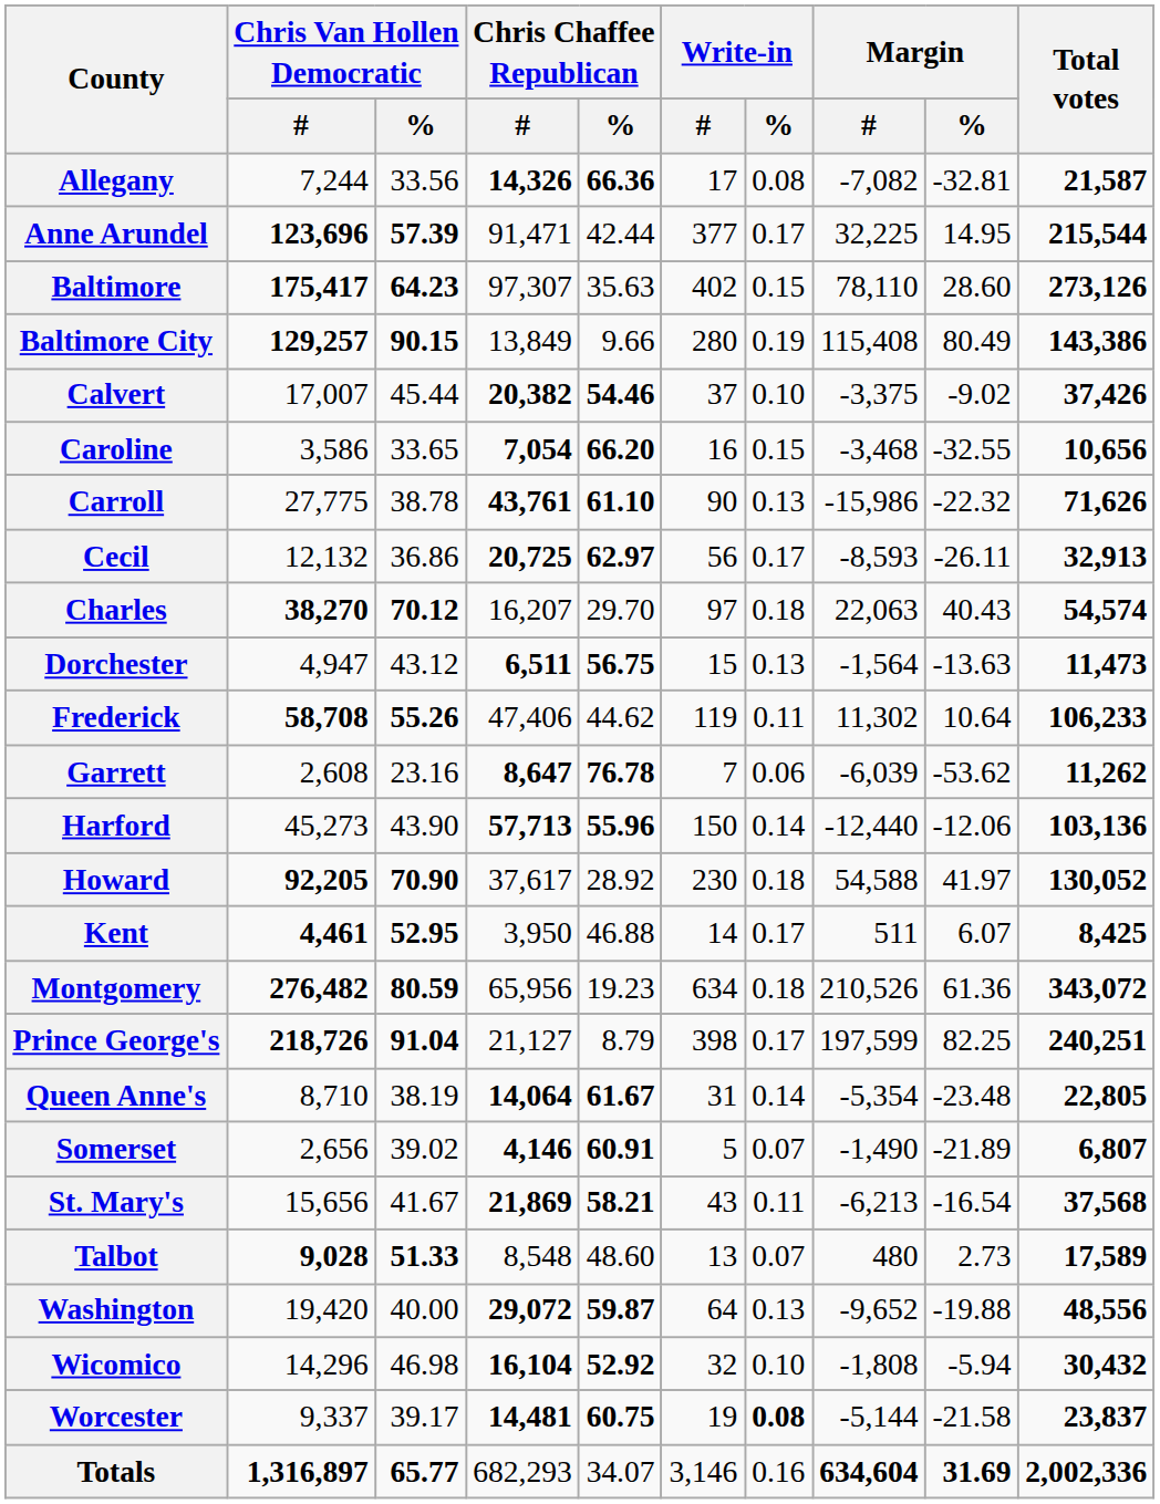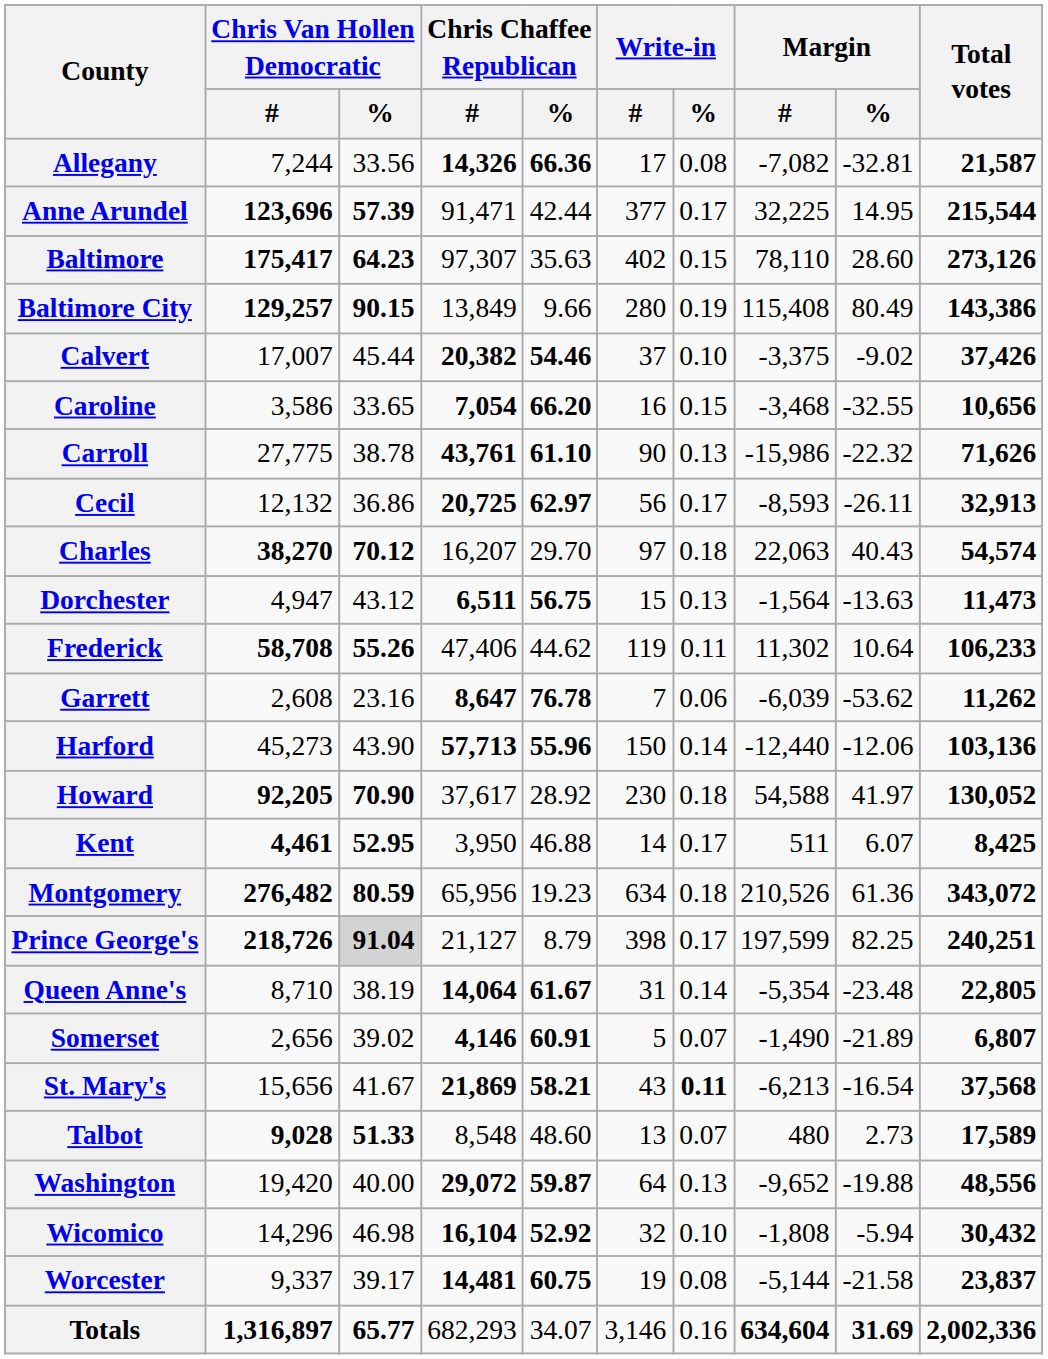 <table class="wikitable sortable" style="text-align:right;font-size:90%;line-height:1.3">
 <tr>
 <th rowspan=2>County</th>
 <th colspan=2><a href='#'>Chris Van Hollen</a><br><a href='#'>Democratic</a></th>
 <th colspan=2>Chris Chaffee<br><a href='#'>Republican</a></th>
 <th colspan=2><a href='#'>Write-in</a></th>
 <th colspan=2>Margin</th>
 <th rowspan=2>Total<br>votes</th>
 </tr>
 <tr>
 <th data-sort-type="number">#</th>
 <th data-sort-type="number">%</th>
 <th data-sort-type="number">#</th>
 <th data-sort-type="number">%</th>
 <th data-sort-type="number">#</th>
 <th data-sort-type="number">%</th>
 <th data-sort-type="number">#</th>
 <th data-sort-type="number">%</th>
 </tr>
 <tr>
 <th><a href='#'>Allegany</a></th>
 <td>7,244</td>
 <td>33.56</td>
 <td><strong>14,326</strong></td>
 <td><strong>66.36</strong></td>
 <td>17</td>
 <td>0.08</td>
 <td>-7,082</td>
 <td>-32.81</td>
 <td><strong>21,587</strong></td>
 </tr>
 <tr>
 <th><a href='#'>Anne Arundel</a></th>
 <td><strong>123,696</strong></td>
 <td><strong>57.39</strong></td>
 <td>91,471</td>
 <td>42.44</td>
 <td>377</td>
 <td>0.17</td>
 <td>32,225</td>
 <td>14.95</td>
 <td><strong>215,544</strong></td>
 </tr>
 <tr>
 <th><a href='#'>Baltimore</a></th>
 <td><strong>175,417</strong></td>
 <td><strong>64.23</strong></td>
 <td>97,307</td>
 <td>35.63</td>
 <td>402</td>
 <td>0.15</td>
 <td>78,110</td>
 <td>28.60</td>
 <td><strong>273,126</strong></td>
 </tr>
 <tr>
 <th><a href='#'>Baltimore City</a></th>
 <td><strong>129,257</strong></td>
 <td><strong>90.15</strong></td>
 <td>13,849</td>
 <td>9.66</td>
 <td>280</td>
 <td>0.19</td>
 <td>115,408</td>
 <td>80.49</td>
 <td><strong>143,386</strong></td>
 </tr>
 <tr>
 <th><a href='#'>Calvert</a></th>
 <td>17,007</td>
 <td>45.44</td>
 <td><strong>20,382</strong></td>
 <td><strong>54.46</strong></td>
 <td>37</td>
 <td>0.10</td>
 <td>-3,375</td>
 <td>-9.02</td>
 <td><strong>37,426</strong></td>
 </tr>
 <tr>
 <th><a href='#'>Caroline</a></th>
 <td>3,586</td>
 <td>33.65</td>
 <td><strong>7,054</strong></td>
 <td><strong>66.20</strong></td>
 <td>16</td>
 <td>0.15</td>
 <td>-3,468</td>
 <td>-32.55</td>
 <td><strong>10,656</strong></td>
 </tr>
 <tr>
 <th><a href='#'>Carroll</a></th>
 <td>27,775</td>
 <td>38.78</td>
 <td><strong>43,761</strong></td>
 <td><strong>61.10</strong></td>
 <td>90</td>
 <td>0.13</td>
 <td>-15,986</td>
 <td>-22.32</td>
 <td><strong>71,626</strong></td>
 </tr>
 <tr>
 <th><a href='#'>Cecil</a></th>
 <td>12,132</td>
 <td>36.86</td>
 <td><strong>20,725</strong></td>
 <td><strong>62.97</strong></td>
 <td>56</td>
 <td>0.17</td>
 <td>-8,593</td>
 <td>-26.11</td>
 <td><strong>32,913</strong></td>
 </tr>
 <tr>
 <th><a href='#'>Charles</a></th>
 <td><strong>38,270</strong></td>
 <td><strong>70.12</strong></td>
 <td>16,207</td>
 <td>29.70</td>
 <td>97</td>
 <td>0.18</td>
 <td>22,063</td>
 <td>40.43</td>
 <td><strong>54,574</strong></td>
 </tr>
 <tr>
 <th><a href='#'>Dorchester</a></th>
 <td>4,947</td>
 <td>43.12</td>
 <td><strong>6,511</strong></td>
 <td><strong>56.75</strong></td>
 <td>15</td>
 <td>0.13</td>
 <td>-1,564</td>
 <td>-13.63</td>
 <td><strong>11,473</strong></td>
 </tr>
 <tr>
 <th><a href='#'>Frederick</a></th>
 <td><strong>58,708</strong></td>
 <td><strong>55.26</strong></td>
 <td>47,406</td>
 <td>44.62</td>
 <td>119</td>
 <td>0.11</td>
 <td>11,302</td>
 <td>10.64</td>
 <td><strong>106,233</strong></td>
 </tr>
 <tr>
 <th><a href='#'>Garrett</a></th>
 <td>2,608</td>
 <td>23.16</td>
 <td><strong>8,647</strong></td>
 <td><strong>76.78</strong></td>
 <td>7</td>
 <td>0.06</td>
 <td>-6,039</td>
 <td>-53.62</td>
 <td><strong>11,262</strong></td>
 </tr>
 <tr>
 <th><a href='#'>Harford</a></th>
 <td>45,273</td>
 <td>43.90</td>
 <td><strong>57,713</strong></td>
 <td><strong>55.96</strong></td>
 <td>150</td>
 <td>0.14</td>
 <td>-12,440</td>
 <td>-12.06</td>
 <td><strong>103,136</strong></td>
 </tr>
 <tr>
 <th><a href='#'>Howard</a></th>
 <td><strong>92,205</strong></td>
 <td><strong>70.90</strong></td>
 <td>37,617</td>
 <td>28.92</td>
 <td>230</td>
 <td>0.18</td>
 <td>54,588</td>
 <td>41.97</td>
 <td><strong>130,052</strong></td>
 </tr>
 <tr>
 <th><a href='#'>Kent</a></th>
 <td><strong>4,461</strong></td>
 <td><strong>52.95</strong></td>
 <td>3,950</td>
 <td>46.88</td>
 <td>14</td>
 <td>0.17</td>
 <td>511</td>
 <td>6.07</td>
 <td><strong>8,425</strong></td>
 </tr>
 <tr>
 <th><a href='#'>Montgomery</a></th>
 <td><strong>276,482</strong></td>
 <td><strong>80.59</strong></td>
 <td>65,956</td>
 <td>19.23</td>
 <td>634</td>
 <td>0.18</td>
 <td>210,526</td>
 <td>61.36</td>
 <td><strong>343,072</strong></td>
 </tr>
 <tr>
 <th><a href='#'>Prince George's</a></th>
 <td><strong>218,726</strong></td>
-<td><strong>91.04</strong></td>
+<td style="background: lightgrey;"><strong>91.04</strong></td>
 <td>21,127</td>
 <td>8.79</td>
 <td>398</td>
 <td>0.17</td>
 <td>197,599</td>
 <td>82.25</td>
 <td><strong>240,251</strong></td>
 </tr>
 <tr>
 <th><a href='#'>Queen Anne's</a></th>
 <td>8,710</td>
 <td>38.19</td>
 <td><strong>14,064</strong></td>
 <td><strong>61.67</strong></td>
 <td>31</td>
 <td>0.14</td>
 <td>-5,354</td>
 <td>-23.48</td>
 <td><strong>22,805</strong></td>
 </tr>
 <tr>
 <th><a href='#'>Somerset</a></th>
 <td>2,656</td>
 <td>39.02</td>
 <td><strong>4,146</strong></td>
 <td><strong>60.91</strong></td>
 <td>5</td>
 <td>0.07</td>
 <td>-1,490</td>
 <td>-21.89</td>
 <td><strong>6,807</strong></td>
 </tr>
 <tr>
 <th><a href='#'>St. Mary's</a></th>
 <td>15,656</td>
 <td>41.67</td>
 <td><strong>21,869</strong></td>
 <td><strong>58.21</strong></td>
 <td>43</td>
-<td>0.11</td>
+<td><strong>0.11</strong></td>
 <td>-6,213</td>
 <td>-16.54</td>
 <td><strong>37,568</strong></td>
 </tr>
 <tr>
 <th><a href='#'>Talbot</a></th>
 <td><strong>9,028</strong></td>
 <td><strong>51.33</strong></td>
 <td>8,548</td>
 <td>48.60</td>
 <td>13</td>
 <td>0.07</td>
 <td>480</td>
 <td>2.73</td>
 <td><strong>17,589</strong></td>
 </tr>
 <tr>
 <th><a href='#'>Washington</a></th>
 <td>19,420</td>
 <td>40.00</td>
 <td><strong>29,072</strong></td>
 <td><strong>59.87</strong></td>
 <td>64</td>
 <td>0.13</td>
 <td>-9,652</td>
 <td>-19.88</td>
 <td><strong>48,556</strong></td>
 </tr>
 <tr>
 <th><a href='#'>Wicomico</a></th>
 <td>14,296</td>
 <td>46.98</td>
 <td><strong>16,104</strong></td>
 <td><strong>52.92</strong></td>
 <td>32</td>
 <td>0.10</td>
 <td>-1,808</td>
 <td>-5.94</td>
 <td><strong>30,432</strong></td>
 </tr>
 <tr>
 <th><a href='#'>Worcester</a></th>
 <td>9,337</td>
 <td>39.17</td>
 <td><strong>14,481</strong></td>
 <td><strong>60.75</strong></td>
 <td>19</td>
-<td><strong>0.08</strong></td>
+<td>0.08</td>
 <td>-5,144</td>
 <td>-21.58</td>
 <td><strong>23,837</strong></td>
 </tr>
 <tr class="sortbottom">
 <th>Totals</th>
 <td><strong>1,316,897</strong></td>
 <td><strong>65.77</strong></td>
 <td>682,293</td>
 <td>34.07</td>
 <td>3,146</td>
 <td>0.16</td>
 <td><strong>634,604</strong></td>
 <td><strong>31.69</strong></td>
 <td><strong>2,002,336</strong></td>
 </tr>
 </table>
